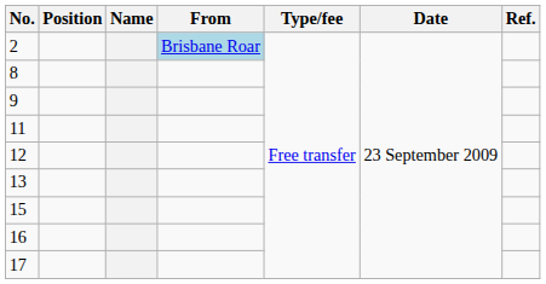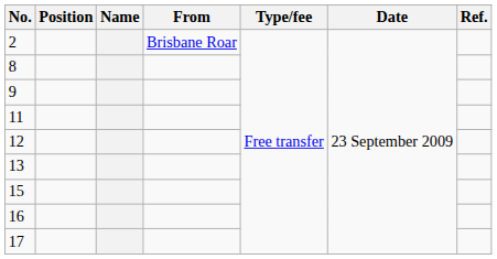 <table class="wikitable plainrowheaders sortable" style="text-align:center; text-align:left">
 <tr>
 <th>No.</th>
 <th>Position</th>
 <th>Name</th>
 <th>From</th>
 <th>Type/fee</th>
 <th>Date</th>
 <th>Ref.</th>
 </tr>
 <tr>
 <td>2</td>
 <td></td>
 <th scope="row"></th>
-<td style="background: lightblue;"><a href='#'>Brisbane Roar</a></td>
+<td><a href='#'>Brisbane Roar</a></td>
 <td rowspan="10"><a href='#'>Free transfer</a></td>
 <td rowspan="10">23 September 2009</td>
 <td></td>
 </tr>
 <tr>
 <td>8</td>
 <td></td>
 <th scope="row"></th>
 <td></td>
 <td></td>
 </tr>
 <tr>
 <td>9</td>
 <td></td>
 <th scope="row"></th>
 <td></td>
 <td></td>
 </tr>
 <tr>
 <td>11</td>
 <td></td>
 <th scope="row"></th>
 <td></td>
 <td></td>
 </tr>
 <tr>
 <td>12</td>
 <td></td>
 <th scope="row"></th>
 <td></td>
 <td></td>
 </tr>
 <tr>
 <td>13</td>
 <td></td>
 <th scope="row"></th>
 <td></td>
 <td></td>
 </tr>
 <tr>
 <td>15</td>
 <td></td>
 <th scope="row"></th>
 <td></td>
 <td></td>
 </tr>
 <tr>
 <td>16</td>
 <td></td>
 <th scope="row"></th>
 <td></td>
 <td></td>
 </tr>
 <tr>
 <td>17</td>
 <td></td>
 <th scope="row"></th>
 <td></td>
 <td></td>
 </tr>
 </table>
